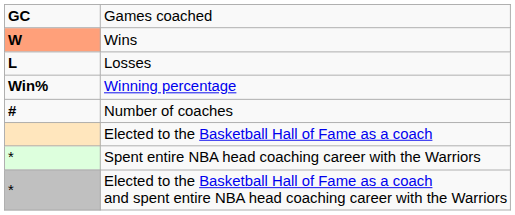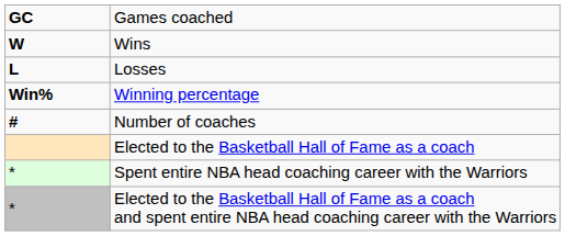 <table class="wikitable">
 <tr>
 <td><strong>GC</strong></td>
 <td>Games coached</td>
 </tr>
 <tr>
-<td style="background: lightsalmon;"><strong>W</strong></td>
+<td><strong>W</strong></td>
 <td>Wins</td>
 </tr>
 <tr>
 <td><strong>L</strong></td>
 <td>Losses</td>
 </tr>
 <tr>
 <td><strong>Win%</strong></td>
 <td><a href='#'>Winning percentage</a></td>
 </tr>
 <tr>
 <td><strong>#</strong></td>
 <td>Number of coaches</td>
 </tr>
 <tr>
 <td style="background-color:#FFE6BD; width:6em"></td>
 <td>Elected to the <a href='#'>Basketball Hall of Fame as a coach</a></td>
 </tr>
 <tr>
 <td style="background-color:#ddffdd; width:6em">*</td>
 <td>Spent entire NBA head coaching career with the Warriors</td>
 </tr>
 <tr>
 <td style="background-color:silver; width:6em">*</td>
 <td>Elected to the <a href='#'>Basketball Hall of Fame as a coach</a><br>and spent entire NBA head coaching career with the Warriors</td>
 </tr>
 </table>
